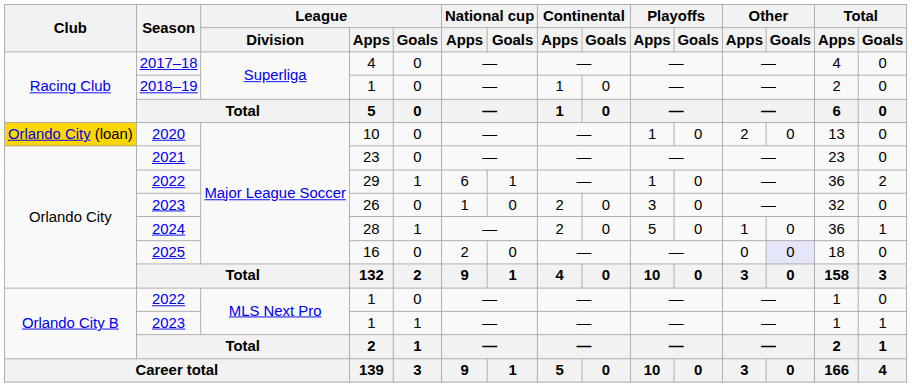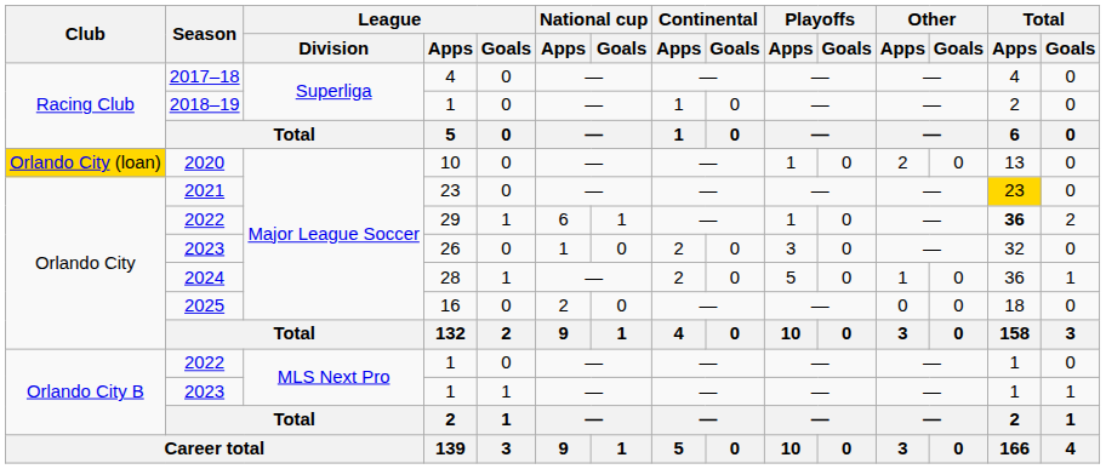 <table class="wikitable" style="text-align:center;">
 <tr>
 <th rowspan="2">Club</th>
 <th rowspan="2">Season</th>
 <th colspan="3">League</th>
 <th colspan="2">National cup</th>
 <th colspan="2">Continental</th>
 <th colspan="2">Playoffs</th>
 <th colspan="2">Other</th>
 <th colspan="2">Total</th>
 </tr>
 <tr>
 <th>Division</th>
 <th>Apps</th>
 <th>Goals</th>
 <th>Apps</th>
 <th>Goals</th>
 <th>Apps</th>
 <th>Goals</th>
 <th>Apps</th>
 <th>Goals</th>
 <th>Apps</th>
 <th>Goals</th>
 <th>Apps</th>
 <th>Goals</th>
 </tr>
 <tr>
 <td rowspan="3"><a href='#'>Racing Club</a></td>
 <td><a href='#'>2017–18</a></td>
 <td rowspan="2"><a href='#'>Superliga</a></td>
 <td>4</td>
 <td>0</td>
 <td colspan="2">—</td>
 <td colspan="2">—</td>
 <td colspan="2">—</td>
 <td colspan="2">—</td>
 <td>4</td>
 <td>0</td>
 </tr>
 <tr>
 <td><a href='#'>2018–19</a></td>
 <td>1</td>
 <td>0</td>
 <td colspan="2">—</td>
 <td>1</td>
 <td>0</td>
 <td colspan="2">—</td>
 <td colspan="2">—</td>
 <td>2</td>
 <td>0</td>
 </tr>
 <tr>
 <th colspan="2">Total</th>
 <th>5</th>
 <th>0</th>
 <th colspan="2">—</th>
 <th>1</th>
 <th>0</th>
 <th colspan="2">—</th>
 <th colspan="2">—</th>
 <th>6</th>
 <th>0</th>
 </tr>
 <tr>
 <td style="background: gold;"><a href='#'>Orlando City</a> (loan)</td>
 <td><a href='#'>2020</a></td>
 <td rowspan="6"><a href='#'>Major League Soccer</a></td>
 <td>10</td>
 <td>0</td>
 <td colspan="2">—</td>
 <td colspan="2">—</td>
 <td>1</td>
 <td>0</td>
 <td>2</td>
 <td>0</td>
 <td>13</td>
 <td>0</td>
 </tr>
 <tr>
 <td rowspan="6">Orlando City</td>
 <td><a href='#'>2021</a></td>
 <td>23</td>
 <td>0</td>
 <td colspan="2">—</td>
 <td colspan="2">—</td>
 <td colspan="2">—</td>
 <td colspan="2">—</td>
-<td>23</td>
+<td style="background: gold;">23</td>
 <td>0</td>
 </tr>
 <tr>
 <td><a href='#'>2022</a></td>
 <td>29</td>
 <td>1</td>
 <td>6</td>
 <td>1</td>
 <td colspan="2">—</td>
 <td>1</td>
 <td>0</td>
 <td colspan="2">—</td>
-<td>36</td>
+<td><strong>36</strong></td>
 <td>2</td>
 </tr>
 <tr>
 <td><a href='#'>2023</a></td>
 <td>26</td>
 <td>0</td>
 <td>1</td>
 <td>0</td>
 <td>2</td>
 <td>0</td>
 <td>3</td>
 <td>0</td>
 <td colspan="2">—</td>
 <td>32</td>
 <td>0</td>
 </tr>
 <tr>
 <td><a href='#'>2024</a></td>
 <td>28</td>
 <td>1</td>
 <td colspan="2">—</td>
 <td>2</td>
 <td>0</td>
 <td>5</td>
 <td>0</td>
 <td>1</td>
 <td>0</td>
 <td>36</td>
 <td>1</td>
 </tr>
 <tr>
 <td><a href='#'>2025</a></td>
 <td>16</td>
 <td>0</td>
 <td>2</td>
 <td>0</td>
 <td colspan="2">—</td>
 <td colspan="2">—</td>
 <td>0</td>
-<td style="background: lavender;">0</td>
+<td>0</td>
 <td>18</td>
 <td>0</td>
 </tr>
 <tr>
 <th colspan="2">Total</th>
 <th>132</th>
 <th>2</th>
 <th>9</th>
 <th>1</th>
 <th>4</th>
 <th>0</th>
 <th>10</th>
 <th>0</th>
 <th>3</th>
 <th>0</th>
 <th>158</th>
 <th>3</th>
 </tr>
 <tr>
 <td rowspan="3"><a href='#'>Orlando City B</a></td>
 <td><a href='#'>2022</a></td>
 <td rowspan="2"><a href='#'>MLS Next Pro</a></td>
 <td>1</td>
 <td>0</td>
 <td colspan="2">—</td>
 <td colspan="2">—</td>
 <td colspan="2">—</td>
 <td colspan="2">—</td>
 <td>1</td>
 <td>0</td>
 </tr>
 <tr>
 <td><a href='#'>2023</a></td>
 <td>1</td>
 <td>1</td>
 <td colspan="2">—</td>
 <td colspan="2">—</td>
 <td colspan=2>—</td>
 <td colspan="2">—</td>
 <td>1</td>
 <td>1</td>
 </tr>
 <tr>
 <th colspan="2">Total</th>
 <th>2</th>
 <th>1</th>
 <th colspan=2>—</th>
 <th colspan=2>—</th>
 <th colspan=2>—</th>
 <th colspan=2>—</th>
 <th>2</th>
 <th>1</th>
 </tr>
 <tr>
 <th colspan="3">Career total</th>
 <th>139</th>
 <th>3</th>
 <th>9</th>
 <th>1</th>
 <th>5</th>
 <th>0</th>
 <th>10</th>
 <th>0</th>
 <th>3</th>
 <th>0</th>
 <th>166</th>
 <th>4</th>
 </tr>
 </table>
